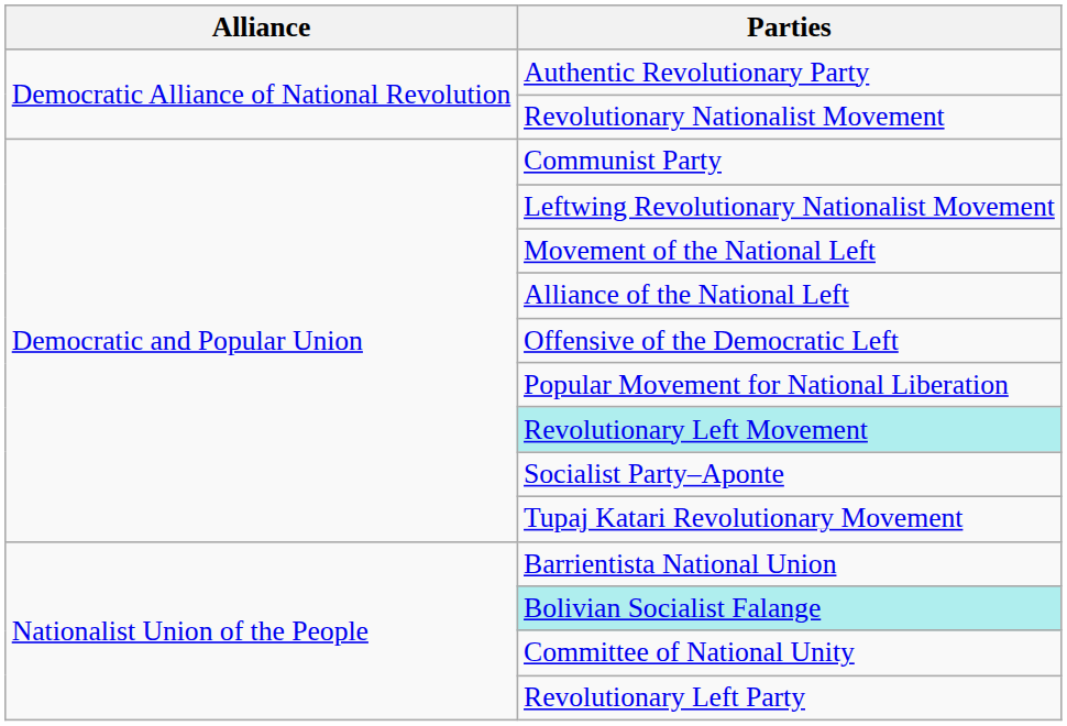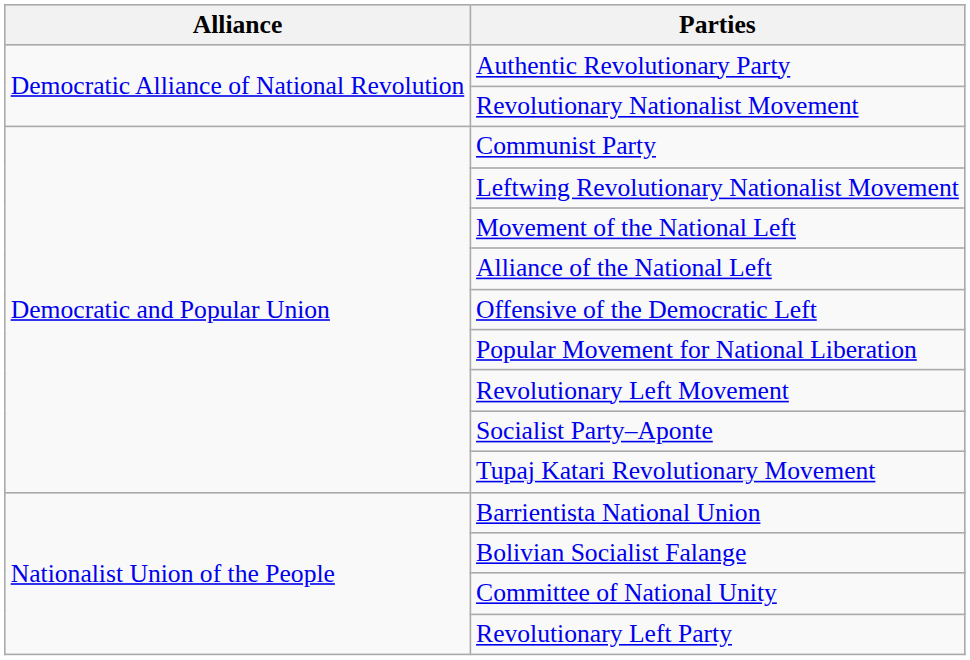 <table class=wikitable>
 <tr>
 <th>Alliance</th>
 <th>Parties</th>
 </tr>
 <tr>
 <td rowspan=2><a href='#'>Democratic Alliance of National Revolution</a></td>
 <td><a href='#'>Authentic Revolutionary Party</a></td>
 </tr>
 <tr>
 <td><a href='#'>Revolutionary Nationalist Movement</a></td>
 </tr>
 <tr>
 <td rowspan=9><a href='#'>Democratic and Popular Union</a></td>
 <td><a href='#'>Communist Party</a></td>
 </tr>
 <tr>
 <td><a href='#'>Leftwing Revolutionary Nationalist Movement</a></td>
 </tr>
 <tr>
 <td><a href='#'>Movement of the National Left</a></td>
 </tr>
 <tr>
 <td><a href='#'>Alliance of the National Left</a></td>
 </tr>
 <tr>
 <td><a href='#'>Offensive of the Democratic Left</a></td>
 </tr>
 <tr>
 <td><a href='#'>Popular Movement for National Liberation</a></td>
 </tr>
 <tr>
-<td style="background: paleturquoise;"><a href='#'>Revolutionary Left Movement</a></td>
+<td><a href='#'>Revolutionary Left Movement</a></td>
 </tr>
 <tr>
 <td><a href='#'>Socialist Party–Aponte</a></td>
 </tr>
 <tr>
 <td><a href='#'>Tupaj Katari Revolutionary Movement</a></td>
 </tr>
 <tr>
 <td rowspan=4><a href='#'>Nationalist Union of the People</a></td>
 <td><a href='#'>Barrientista National Union</a></td>
 </tr>
 <tr>
-<td style="background: paleturquoise;"><a href='#'>Bolivian Socialist Falange</a></td>
+<td><a href='#'>Bolivian Socialist Falange</a></td>
 </tr>
 <tr>
 <td><a href='#'>Committee of National Unity</a></td>
 </tr>
 <tr>
 <td><a href='#'>Revolutionary Left Party</a></td>
 </tr>
 </table>
